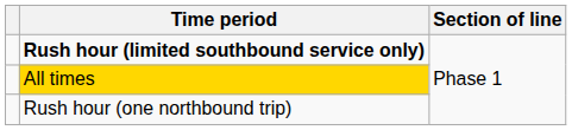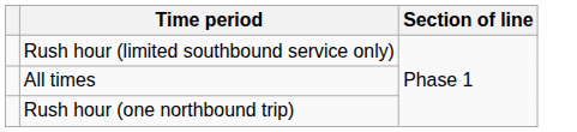 <table class="wikitable">
 <tr>
 <th> </th>
 <th>Time period</th>
 <th>Section of line</th>
 </tr>
 <tr>
 <td align=center></td>
-<td><strong>Rush hour (limited southbound service only)</strong></td>
+<td>Rush hour (limited southbound service only)</td>
 <td rowspan=3>Phase 1 </td>
 </tr>
 <tr>
 <td align=center></td>
-<td style="background: gold;">All times</td>
+<td>All times</td>
 </tr>
 <tr>
 <td align=center></td>
 <td>Rush hour (one northbound trip)<br></td>
 </tr>
 </table>
